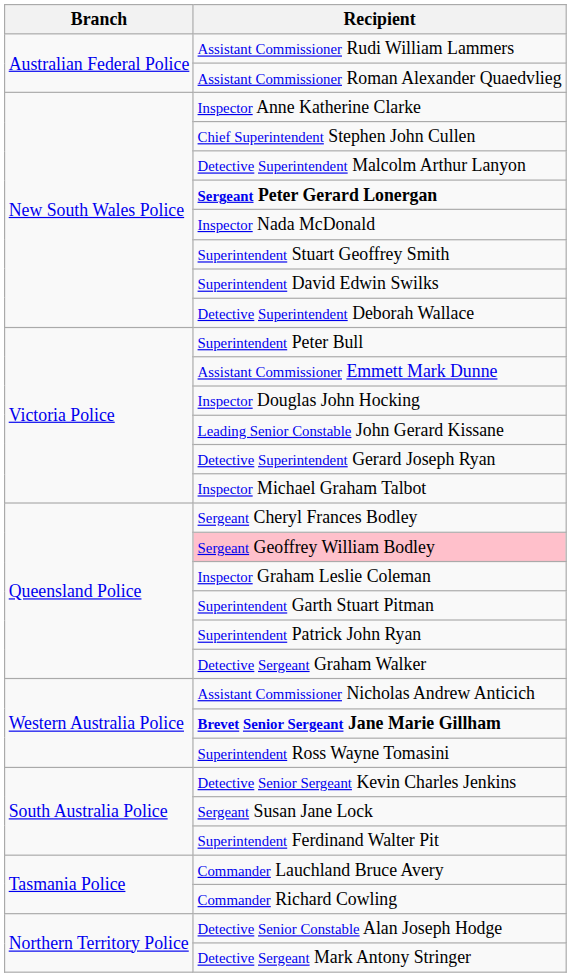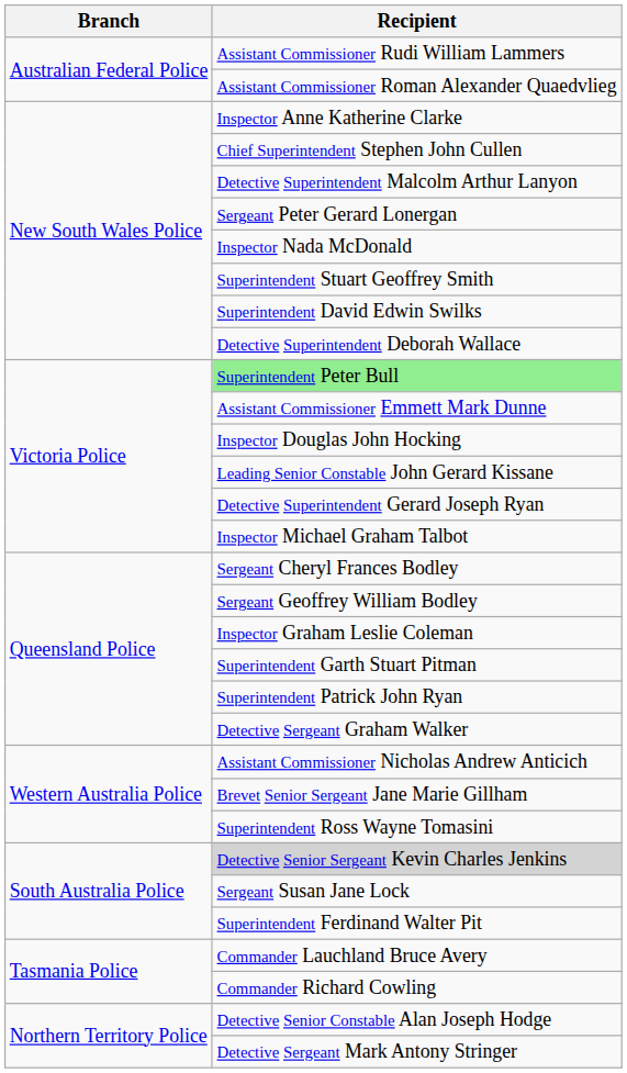 <table class="wikitable" style="font-size:95%;">
 <tr>
 <th>Branch</th>
 <th>Recipient</th>
 </tr>
 <tr>
 <td rowspan="2"><a href='#'>Australian Federal Police</a></td>
 <td><small><a href='#'>Assistant Commissioner</a></small> Rudi William Lammers</td>
 </tr>
 <tr>
 <td><small><a href='#'>Assistant Commissioner</a></small> Roman Alexander Quaedvlieg</td>
 </tr>
 <tr>
 <td rowspan="8"><a href='#'>New South Wales Police</a></td>
 <td><small><a href='#'>Inspector</a></small> Anne Katherine Clarke</td>
 </tr>
 <tr>
 <td><small><a href='#'>Chief Superintendent</a></small> Stephen John Cullen</td>
 </tr>
 <tr>
 <td><small><a href='#'>Detective</a> <a href='#'>Superintendent</a></small> Malcolm Arthur Lanyon</td>
 </tr>
 <tr>
-<td><strong><small><a href='#'>Sergeant</a></small> Peter Gerard Lonergan</strong></td>
+<td><small><a href='#'>Sergeant</a></small> Peter Gerard Lonergan</td>
 </tr>
 <tr>
 <td><small><a href='#'>Inspector</a></small> Nada McDonald</td>
 </tr>
 <tr>
 <td><small><a href='#'>Superintendent</a></small> Stuart Geoffrey Smith</td>
 </tr>
 <tr>
 <td><small><a href='#'>Superintendent</a></small> David Edwin Swilks</td>
 </tr>
 <tr>
 <td><small><a href='#'>Detective</a> <a href='#'>Superintendent</a></small> Deborah Wallace</td>
 </tr>
 <tr>
 <td rowspan="6"><a href='#'>Victoria Police</a></td>
-<td><small><a href='#'>Superintendent</a></small> Peter Bull</td>
+<td style="background: lightgreen;"><small><a href='#'>Superintendent</a></small> Peter Bull</td>
 </tr>
 <tr>
 <td><small><a href='#'>Assistant Commissioner</a></small> <a href='#'>Emmett Mark Dunne</a></td>
 </tr>
 <tr>
 <td><small><a href='#'>Inspector</a></small> Douglas John Hocking</td>
 </tr>
 <tr>
 <td><small><a href='#'>Leading Senior Constable</a></small> John Gerard Kissane</td>
 </tr>
 <tr>
 <td><small><a href='#'>Detective</a> <a href='#'>Superintendent</a></small> Gerard Joseph Ryan</td>
 </tr>
 <tr>
 <td><small><a href='#'>Inspector</a></small> Michael Graham Talbot</td>
 </tr>
 <tr>
 <td rowspan="6"><a href='#'>Queensland Police</a></td>
 <td><small><a href='#'>Sergeant</a></small> Cheryl Frances Bodley</td>
 </tr>
 <tr>
-<td style="background: pink;"><small><a href='#'>Sergeant</a></small> Geoffrey William Bodley</td>
+<td><small><a href='#'>Sergeant</a></small> Geoffrey William Bodley</td>
 </tr>
 <tr>
 <td><small><a href='#'>Inspector</a></small> Graham Leslie Coleman</td>
 </tr>
 <tr>
 <td><small><a href='#'>Superintendent</a></small> Garth Stuart Pitman</td>
 </tr>
 <tr>
 <td><small><a href='#'>Superintendent</a></small> Patrick John Ryan</td>
 </tr>
 <tr>
 <td><small><a href='#'>Detective</a> <a href='#'>Sergeant</a></small> Graham Walker</td>
 </tr>
 <tr>
 <td rowspan="3"><a href='#'>Western Australia Police</a></td>
 <td><small><a href='#'>Assistant Commissioner</a></small> Nicholas Andrew Anticich</td>
 </tr>
 <tr>
-<td><strong><small><a href='#'>Brevet</a> <a href='#'>Senior Sergeant</a></small> Jane Marie Gillham</strong></td>
+<td><small><a href='#'>Brevet</a> <a href='#'>Senior Sergeant</a></small> Jane Marie Gillham</td>
 </tr>
 <tr>
 <td><small><a href='#'>Superintendent</a></small> Ross Wayne Tomasini</td>
 </tr>
 <tr>
 <td rowspan="3"><a href='#'>South Australia Police</a></td>
-<td><small><a href='#'>Detective</a> <a href='#'>Senior Sergeant</a></small> Kevin Charles Jenkins</td>
+<td style="background: lightgrey;"><small><a href='#'>Detective</a> <a href='#'>Senior Sergeant</a></small> Kevin Charles Jenkins</td>
 </tr>
 <tr>
 <td><small><a href='#'>Sergeant</a></small> Susan Jane Lock</td>
 </tr>
 <tr>
 <td><small><a href='#'>Superintendent</a></small> Ferdinand Walter Pit</td>
 </tr>
 <tr>
 <td rowspan="2"><a href='#'>Tasmania Police</a></td>
 <td><small><a href='#'>Commander</a></small> Lauchland Bruce Avery</td>
 </tr>
 <tr>
 <td><small><a href='#'>Commander</a></small> Richard Cowling</td>
 </tr>
 <tr>
 <td rowspan="2"><a href='#'>Northern Territory Police</a></td>
 <td><small><a href='#'>Detective</a> <a href='#'>Senior Constable</a></small> Alan Joseph Hodge</td>
 </tr>
 <tr>
 <td><small><a href='#'>Detective</a> <a href='#'>Sergeant</a></small> Mark Antony Stringer</td>
 </tr>
 </table>
